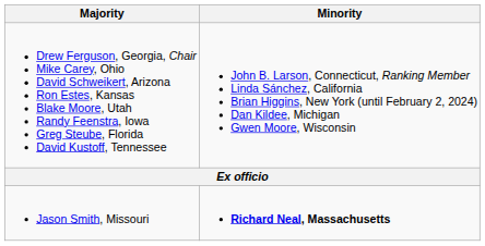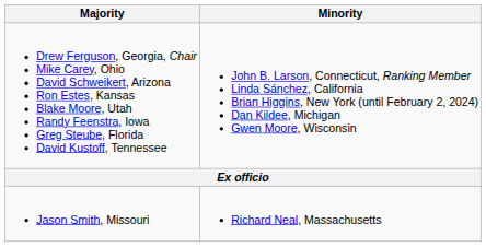 <table class=wikitable>
 <tr>
 <th>Majority</th>
 <th>Minority</th>
 </tr>
 <tr>
 <td><br><ul><li><a href='#'>Drew Ferguson</a>, Georgia, <em>Chair</em></li><li><a href='#'>Mike Carey</a>, Ohio</li><li><a href='#'>David Schweikert</a>, Arizona</li><li><a href='#'>Ron Estes</a>, Kansas</li><li><a href='#'>Blake Moore</a>, Utah</li><li><a href='#'>Randy Feenstra</a>, Iowa</li><li><a href='#'>Greg Steube</a>, Florida</li><li><a href='#'>David Kustoff</a>, Tennessee</li></ul></td>
 <td><br><ul><li><a href='#'>John B. Larson</a>, Connecticut, <em>Ranking Member</em></li><li><a href='#'>Linda Sánchez</a>, California</li><li><a href='#'>Brian Higgins</a>, New York (until February 2, 2024)</li><li><a href='#'>Dan Kildee</a>, Michigan</li><li><a href='#'>Gwen Moore</a>, Wisconsin</li></ul></td>
 </tr>
 <tr>
 <th colspan=2><em>Ex officio</em></th>
 </tr>
 <tr>
 <td><br><ul><li><a href='#'>Jason Smith</a>, Missouri</li></ul></td>
-<td><strong><br><ul><li><a href='#'>Richard Neal</a>, Massachusetts</li></ul></strong></td>
+<td><br><ul><li><a href='#'>Richard Neal</a>, Massachusetts</li></ul></td>
 </tr>
 </table>
